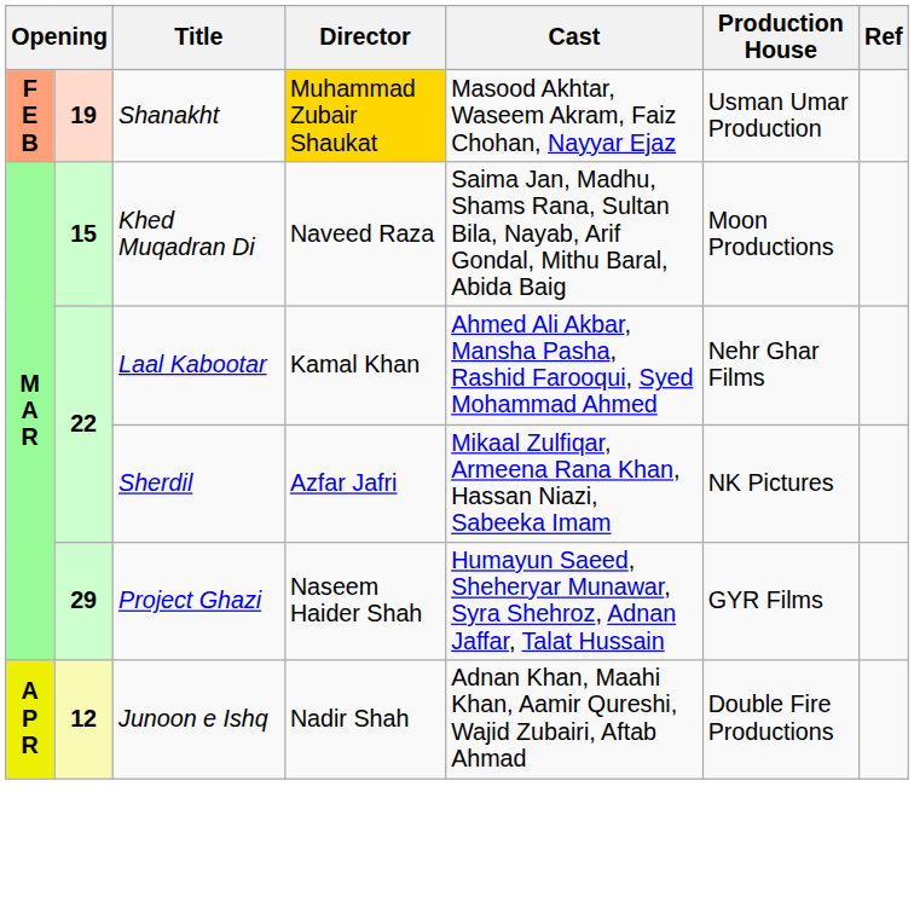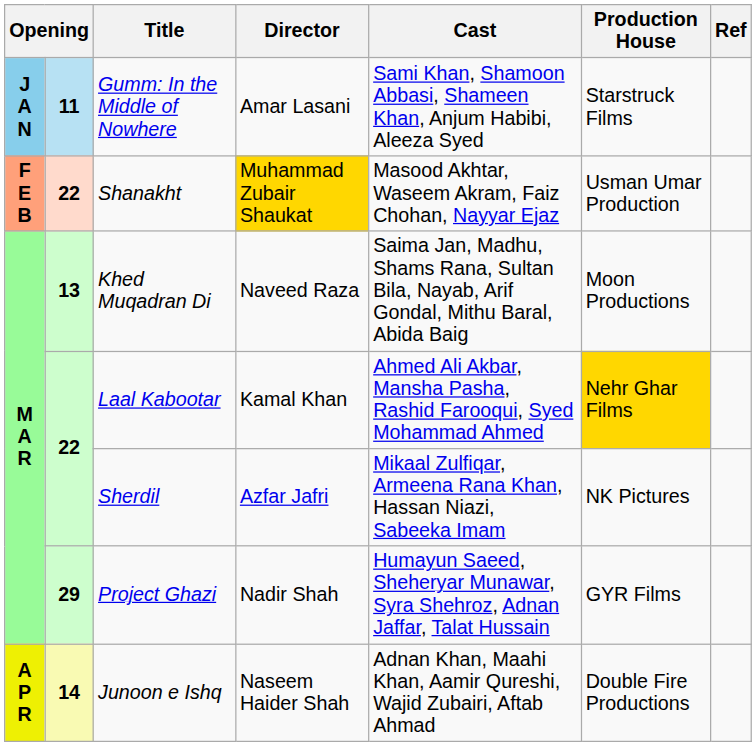 <table class="wikitable">
 <tr>
 <th colspan="2">Opening</th>
 <th style="width:19%">Title</th>
 <th>Director</th>
 <th>Cast</th>
 <th>Production House</th>
 <th>Ref</th>
 </tr>
 <tr>
+<td rowspan="1" style="text-align:center; background:skyBlue;"><strong>J<br>A<br>N</strong></td>
+<td style="text-align:center; textcolor:#000; background:#b7e1f3;"><strong>11</strong></td>
+<td><em><a href='#'>Gumm: In the Middle of Nowhere</a></em></td>
+<td>Amar Lasani</td>
+<td><a href='#'>Sami Khan</a>, <a href='#'>Shamoon Abbasi</a>, <a href='#'>Shameen Khan</a>, Anjum Habibi, Aleeza Syed</td>
+<td>Starstruck Films</td>
+<td></td>
+</tr>
+<tr>
 <td rowspan="1" style="text-align:center; background:#ffa07a; textcolor:#000;"><strong>F<br>E<br>B</strong></td>
-<td rowspan="1" style="text-align:center; background:#ffdacc; textcolor:#000;"><strong>19</strong></td>
+<td rowspan="1" style="text-align:center; background:#ffdacc; textcolor:#000;"><strong>22</strong></td>
 <td><em>Shanakht</em></td>
 <td style="background: gold;">Muhammad Zubair Shaukat</td>
 <td>Masood Akhtar, Waseem Akram, Faiz Chohan, <a href='#'>Nayyar Ejaz</a></td>
 <td>Usman Umar Production</td>
 <td></td>
 </tr>
 <tr>
 <td rowspan="4" style="text-align:center; background:#98fb98; textcolor:#000;"><strong>M<br>A<br>R</strong></td>
-<td rowspan="1" style="text-align:center; background:#cdfecd; textcolor:#000;"><strong>15</strong></td>
+<td rowspan="1" style="text-align:center; background:#cdfecd; textcolor:#000;"><strong>13</strong></td>
 <td><em>Khed Muqadran Di</em></td>
 <td>Naveed Raza</td>
 <td>Saima Jan, Madhu, Shams Rana, Sultan Bila, Nayab, Arif Gondal, Mithu Baral, Abida Baig</td>
 <td>Moon Productions</td>
 <td></td>
 </tr>
 <tr>
 <td rowspan="2" style="text-align:center; background:#cdfecd; textcolor:#000;"><strong>22</strong></td>
 <td><em><a href='#'>Laal Kabootar</a></em></td>
 <td>Kamal Khan</td>
 <td><a href='#'>Ahmed Ali Akbar</a>, <a href='#'>Mansha Pasha</a>, <a href='#'>Rashid Farooqui</a>, <a href='#'>Syed Mohammad Ahmed</a></td>
-<td>Nehr Ghar Films</td>
+<td style="background: gold;">Nehr Ghar Films</td>
 <td></td>
 </tr>
 <tr>
 <td><em><a href='#'>Sherdil</a></em></td>
 <td><a href='#'>Azfar Jafri</a></td>
 <td><a href='#'>Mikaal Zulfiqar</a>, <a href='#'>Armeena Rana Khan</a>, Hassan Niazi, <a href='#'>Sabeeka Imam</a></td>
 <td>NK Pictures</td>
 <td></td>
 </tr>
 <tr>
 <td rowspan="1" style="text-align:center; background:#cdfecd; textcolor:#000;"><strong>29</strong></td>
 <td><em><a href='#'>Project Ghazi</a></em></td>
-<td>Naseem Haider Shah</td>
+<td>Nadir Shah</td>
 <td><a href='#'>Humayun Saeed</a>, <a href='#'>Sheheryar Munawar</a>, <a href='#'>Syra Shehroz</a>, <a href='#'>Adnan Jaffar</a>, <a href='#'>Talat Hussain</a></td>
 <td>GYR Films</td>
 <td></td>
 </tr>
 <tr>
 <td rowspan="1" style="text-align:center; background:#eef003;"><strong>A<br>P<br>R</strong></td>
-<td style="text-align:center; background:#f9fab3;"><strong>12</strong></td>
+<td style="text-align:center; background:#f9fab3;"><strong>14</strong></td>
 <td><em>Junoon e Ishq</em></td>
-<td>Nadir Shah</td>
+<td>Naseem Haider Shah</td>
 <td>Adnan Khan, Maahi Khan, Aamir Qureshi, Wajid Zubairi, Aftab Ahmad</td>
 <td>Double Fire Productions</td>
 <td></td>
 </tr>
 </table>
